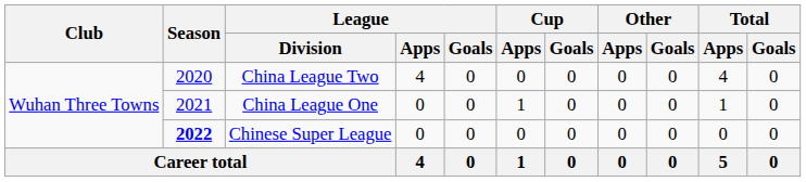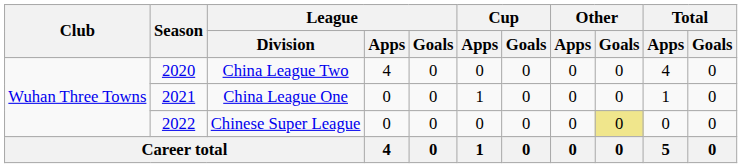 <table class="wikitable" style="text-align: center">
 <tr>
 <th rowspan="2">Club</th>
 <th rowspan="2">Season</th>
 <th colspan="3">League</th>
 <th colspan="2">Cup</th>
 <th colspan="2">Other</th>
 <th colspan="2">Total</th>
 </tr>
 <tr>
 <th>Division</th>
 <th>Apps</th>
 <th>Goals</th>
 <th>Apps</th>
 <th>Goals</th>
 <th>Apps</th>
 <th>Goals</th>
 <th>Apps</th>
 <th>Goals</th>
 </tr>
 <tr>
 <td rowspan="3"><a href='#'>Wuhan Three Towns</a></td>
 <td><a href='#'>2020</a></td>
 <td><a href='#'>China League Two</a></td>
 <td>4</td>
 <td>0</td>
 <td>0</td>
 <td>0</td>
 <td>0</td>
 <td>0</td>
 <td>4</td>
 <td>0</td>
 </tr>
 <tr>
 <td><a href='#'>2021</a></td>
 <td><a href='#'>China League One</a></td>
 <td>0</td>
 <td>0</td>
 <td>1</td>
 <td>0</td>
 <td>0</td>
 <td>0</td>
 <td>1</td>
 <td>0</td>
 </tr>
 <tr>
-<td><strong><a href='#'>2022</a></strong></td>
+<td><a href='#'>2022</a></td>
 <td><a href='#'>Chinese Super League</a></td>
 <td>0</td>
 <td>0</td>
 <td>0</td>
 <td>0</td>
 <td>0</td>
-<td>0</td>
+<td style="background: khaki;">0</td>
 <td>0</td>
 <td>0</td>
 </tr>
 <tr>
 <th colspan=3>Career total</th>
 <th>4</th>
 <th>0</th>
 <th>1</th>
 <th>0</th>
 <th>0</th>
 <th>0</th>
 <th>5</th>
 <th>0</th>
 </tr>
 </table>
